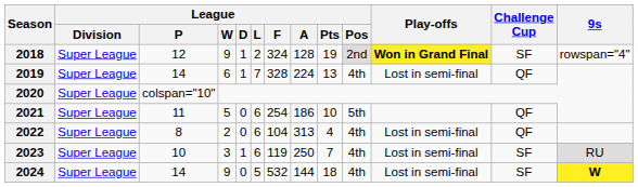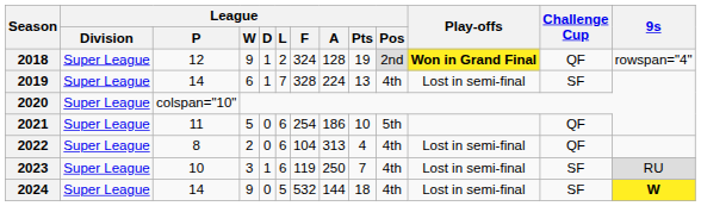 <table class="wikitable" style="text-align: center">
 <tr>
 <th rowspan="2" scope="col">Season</th>
 <th colspan="9" scope="col">League</th>
 <th rowspan="2" scope="col">Play-offs</th>
 <th rowspan="2" scope="col"><a href='#'>Challenge<br>Cup</a></th>
 <th rowspan="2" scope="col"><a href='#'>9s</a></th>
 </tr>
 <tr>
 <th scope="col">Division</th>
 <th scope="col">P</th>
 <th scope="col">W</th>
 <th scope="col">D</th>
 <th scope="col">L</th>
 <th scope="col">F</th>
 <th scope="col">A</th>
 <th scope="col">Pts</th>
 <th scope="col">Pos</th>
 </tr>
 <tr>
 <th scope="row">2018</th>
 <td><a href='#'>Super League</a></td>
 <td>12</td>
 <td>9</td>
 <td>1</td>
 <td>2</td>
 <td>324</td>
 <td>128</td>
 <td>19</td>
 <td style="background-color:#DDD">2nd</td>
 <td style="background-color:#FE2"><strong>Won in Grand Final</strong></td>
-<td>SF</td>
+<td>QF</td>
 <td>rowspan="4"</td>
 </tr>
 <tr>
 <th scope="row">2019</th>
 <td><a href='#'>Super League</a></td>
 <td>14</td>
 <td>6</td>
 <td>1</td>
 <td>7</td>
 <td>328</td>
 <td>224</td>
 <td>13</td>
 <td>4th</td>
 <td>Lost in semi-final</td>
-<td>QF</td>
+<td>SF</td>
 </tr>
 <tr>
 <th scope="row">2020</th>
 <td><a href='#'>Super League</a></td>
 <td>colspan="10"</td>
 </tr>
 <tr>
 <th scope="row">2021</th>
 <td><a href='#'>Super League</a></td>
 <td>11</td>
 <td>5</td>
 <td>0</td>
 <td>6</td>
 <td>254</td>
 <td>186</td>
 <td>10</td>
 <td>5th</td>
 <td></td>
 <td>QF</td>
 </tr>
 <tr>
 <th scope="row">2022</th>
 <td><a href='#'>Super League</a></td>
 <td>8</td>
 <td>2</td>
 <td>0</td>
 <td>6</td>
 <td>104</td>
 <td>313</td>
 <td>4</td>
 <td>4th</td>
 <td>Lost in semi-final</td>
 <td>QF</td>
 <td></td>
 </tr>
 <tr>
 <th scope="row">2023</th>
 <td><a href='#'>Super League</a></td>
 <td>10</td>
 <td>3</td>
 <td>1</td>
 <td>6</td>
 <td>119</td>
 <td>250</td>
 <td>7</td>
 <td>4th</td>
 <td>Lost in semi-final</td>
 <td>SF</td>
 <td style="background-color:#DDD">RU</td>
 </tr>
 <tr>
 <th scope="row">2024</th>
 <td><a href='#'>Super League</a></td>
 <td>14</td>
 <td>9</td>
 <td>0</td>
 <td>5</td>
 <td>532</td>
 <td>144</td>
 <td>18</td>
 <td>4th</td>
 <td>Lost in semi-final</td>
 <td>SF</td>
 <td style="background-color:#FE2"><strong>W</strong></td>
 </tr>
 </table>
